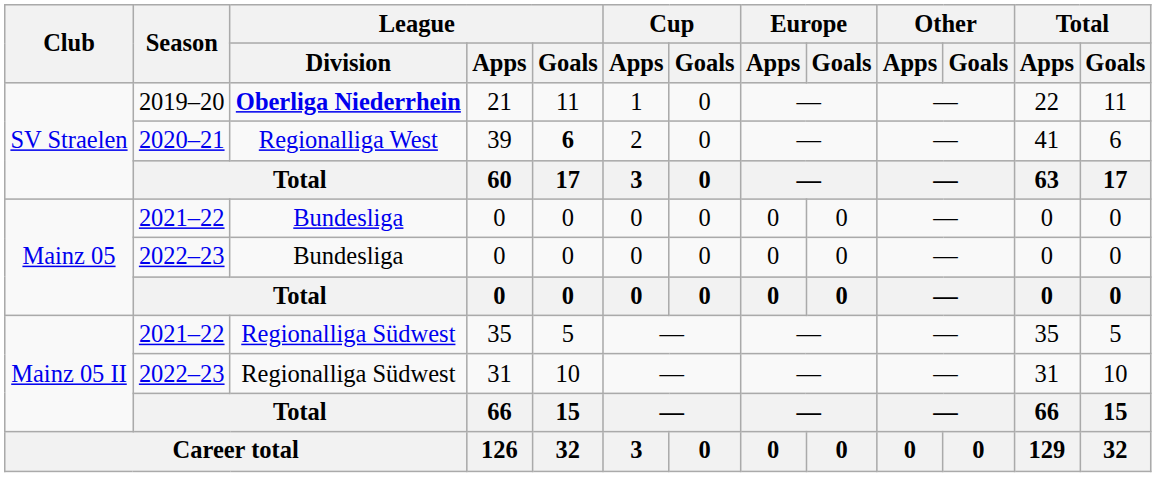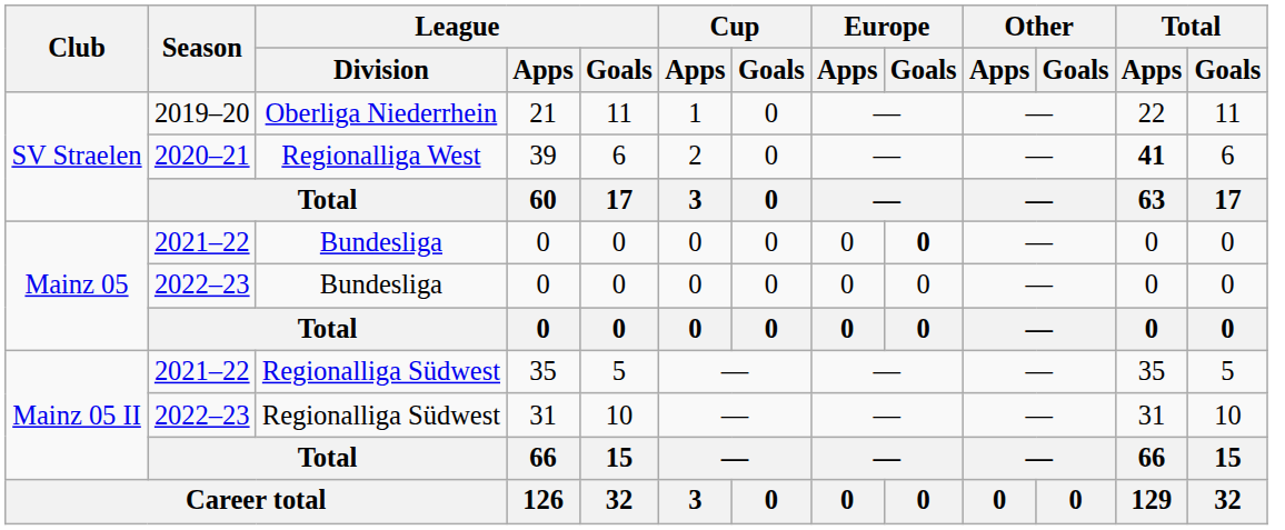 <table class=wikitable style=text-align:center>
 <tr>
 <th rowspan=2>Club</th>
 <th rowspan=2>Season</th>
 <th colspan=3>League</th>
 <th colspan=2>Cup</th>
 <th colspan=2>Europe</th>
 <th colspan=2>Other</th>
 <th colspan=2>Total</th>
 </tr>
 <tr>
 <th>Division</th>
 <th>Apps</th>
 <th>Goals</th>
 <th>Apps</th>
 <th>Goals</th>
 <th>Apps</th>
 <th>Goals</th>
 <th>Apps</th>
 <th>Goals</th>
 <th>Apps</th>
 <th>Goals</th>
 </tr>
 <tr>
 <td rowspan=3><a href='#'>SV Straelen</a></td>
 <td>2019–20</td>
-<td><strong><a href='#'>Oberliga Niederrhein</a></strong></td>
+<td><a href='#'>Oberliga Niederrhein</a></td>
 <td>21</td>
 <td>11</td>
 <td>1</td>
 <td>0</td>
 <td colspan="2">—</td>
 <td colspan="2">—</td>
 <td>22</td>
 <td>11</td>
 </tr>
 <tr>
 <td><a href='#'>2020–21</a></td>
 <td><a href='#'>Regionalliga West</a></td>
 <td>39</td>
-<td><strong>6</strong></td>
+<td>6</td>
 <td>2</td>
 <td>0</td>
 <td colspan="2">—</td>
 <td colspan="2">—</td>
-<td>41</td>
+<td><strong>41</strong></td>
 <td>6</td>
 </tr>
 <tr>
 <th colspan=2>Total</th>
 <th>60</th>
 <th>17</th>
 <th>3</th>
 <th>0</th>
 <th colspan="2">—</th>
 <th colspan="2">—</th>
 <th>63</th>
 <th>17</th>
 </tr>
 <tr>
 <td rowspan="3"><a href='#'>Mainz 05</a></td>
 <td><a href='#'>2021–22</a></td>
 <td><a href='#'>Bundesliga</a></td>
 <td>0</td>
 <td>0</td>
 <td>0</td>
 <td>0</td>
 <td>0</td>
-<td>0</td>
+<td><strong>0</strong></td>
 <td colspan="2">—</td>
 <td>0</td>
 <td>0</td>
 </tr>
 <tr>
 <td><a href='#'>2022–23</a></td>
 <td>Bundesliga</td>
 <td>0</td>
 <td>0</td>
 <td>0</td>
 <td>0</td>
 <td>0</td>
 <td>0</td>
 <td colspan="2">—</td>
 <td>0</td>
 <td>0</td>
 </tr>
 <tr>
 <th colspan="2">Total</th>
 <th>0</th>
 <th>0</th>
 <th>0</th>
 <th>0</th>
 <th>0</th>
 <th>0</th>
 <th colspan="2">—</th>
 <th>0</th>
 <th>0</th>
 </tr>
 <tr>
 <td rowspan="3"><a href='#'>Mainz 05 II</a></td>
 <td><a href='#'>2021–22</a></td>
 <td><a href='#'>Regionalliga Südwest</a></td>
 <td>35</td>
 <td>5</td>
 <td colspan="2">—</td>
 <td colspan="2">—</td>
 <td colspan="2">—</td>
 <td>35</td>
 <td>5</td>
 </tr>
 <tr>
 <td><a href='#'>2022–23</a></td>
 <td>Regionalliga Südwest</td>
 <td>31</td>
 <td>10</td>
 <td colspan="2">—</td>
 <td colspan="2">—</td>
 <td colspan="2">—</td>
 <td>31</td>
 <td>10</td>
 </tr>
 <tr>
 <th colspan="2">Total</th>
 <th>66</th>
 <th>15</th>
 <th colspan="2">—</th>
 <th colspan="2">—</th>
 <th colspan="2">—</th>
 <th>66</th>
 <th>15</th>
 </tr>
 <tr>
 <th colspan="3">Career total</th>
 <th>126</th>
 <th>32</th>
 <th>3</th>
 <th>0</th>
 <th>0</th>
 <th>0</th>
 <th>0</th>
 <th>0</th>
 <th>129</th>
 <th>32</th>
 </tr>
 </table>
